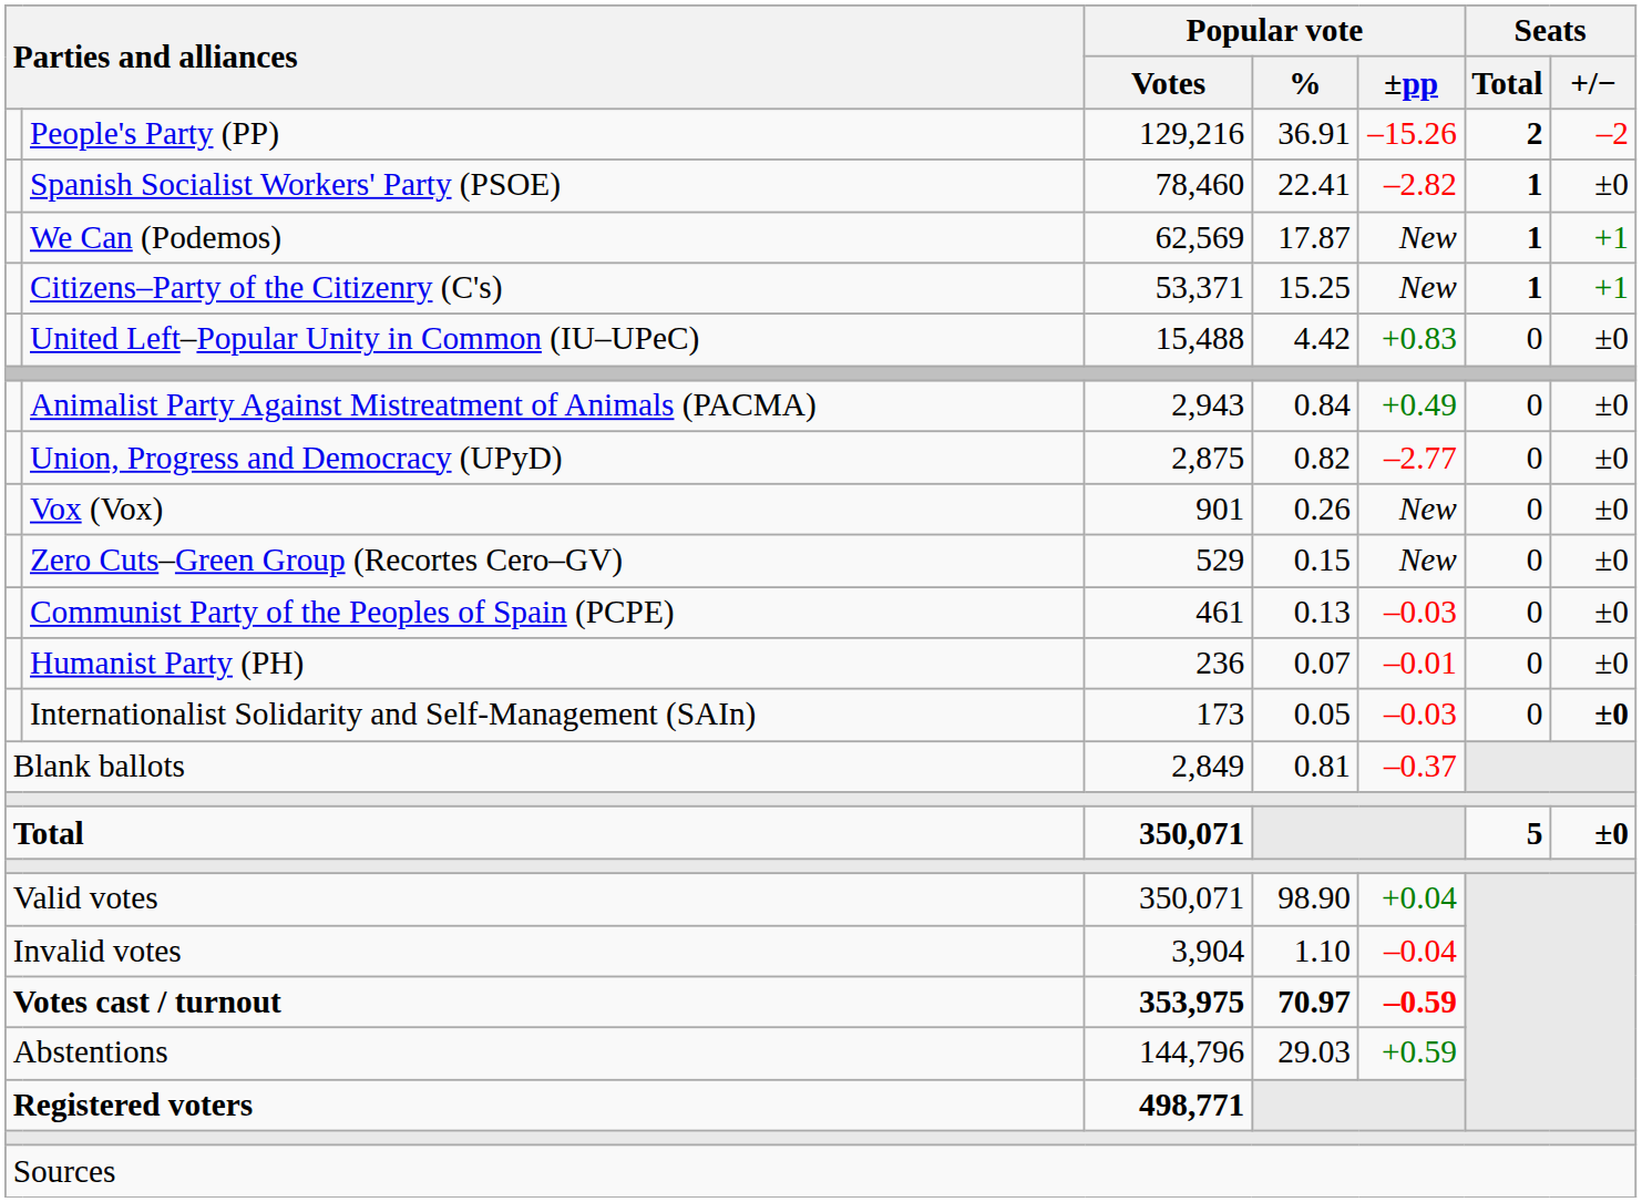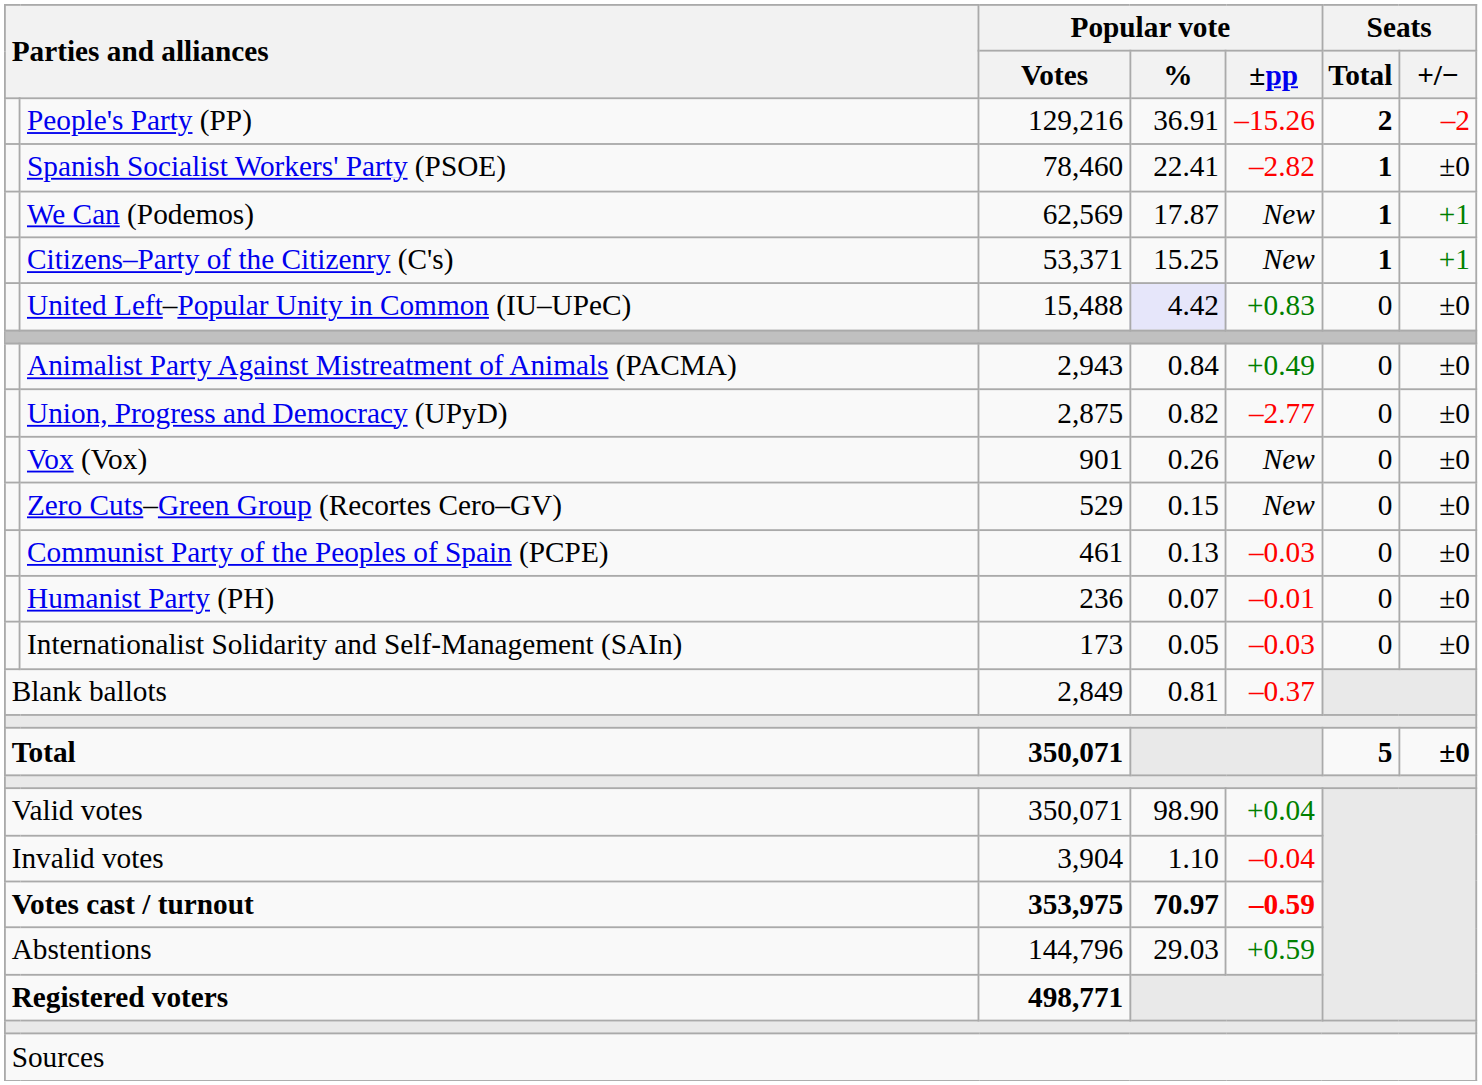 <table class="wikitable" style="text-align:right;">
 <tr>
 <th style="text-align:left;" rowspan="2" colspan="2" width="525">Parties and alliances</th>
 <th colspan="3">Popular vote</th>
 <th colspan="2">Seats</th>
 </tr>
 <tr>
 <th width="75">Votes</th>
 <th width="45">%</th>
 <th width="45">±<a href='#'>pp</a></th>
 <th width="35">Total</th>
 <th width="35">+/−</th>
 </tr>
 <tr>
 <td width="1" style="color:inherit;background:"></td>
 <td align="left"><a href='#'>People's Party</a> (PP)</td>
 <td>129,216</td>
 <td>36.91</td>
 <td style="color:red;">–15.26</td>
 <td><strong>2</strong></td>
 <td style="color:red;">–2</td>
 </tr>
 <tr>
 <td style="color:inherit;background:"></td>
 <td align="left"><a href='#'>Spanish Socialist Workers' Party</a> (PSOE)</td>
 <td>78,460</td>
 <td>22.41</td>
 <td style="color:red;">–2.82</td>
 <td><strong>1</strong></td>
 <td>±0</td>
 </tr>
 <tr>
 <td style="color:inherit;background:"></td>
 <td align="left"><a href='#'>We Can</a> (Podemos)</td>
 <td>62,569</td>
 <td>17.87</td>
 <td><em>New</em></td>
 <td><strong>1</strong></td>
 <td style="color:green;">+1</td>
 </tr>
 <tr>
 <td style="color:inherit;background:"></td>
 <td align="left"><a href='#'>Citizens–Party of the Citizenry</a> (C's)</td>
 <td>53,371</td>
 <td>15.25</td>
 <td><em>New</em></td>
 <td><strong>1</strong></td>
 <td style="color:green;">+1</td>
 </tr>
 <tr>
 <td style="color:inherit;background:"></td>
 <td align="left"><a href='#'>United Left</a>–<a href='#'>Popular Unity in Common</a> (IU–UPeC)</td>
 <td>15,488</td>
-<td>4.42</td>
+<td style="background: lavender;">4.42</td>
 <td style="color:green;">+0.83</td>
 <td>0</td>
 <td>±0</td>
 </tr>
 <tr>
 <td colspan="7" bgcolor="#C0C0C0"></td>
 </tr>
 <tr>
 <td style="color:inherit;background:"></td>
 <td align="left"><a href='#'>Animalist Party Against Mistreatment of Animals</a> (PACMA)</td>
 <td>2,943</td>
 <td>0.84</td>
 <td style="color:green;">+0.49</td>
 <td>0</td>
 <td>±0</td>
 </tr>
 <tr>
 <td style="color:inherit;background:"></td>
 <td align="left"><a href='#'>Union, Progress and Democracy</a> (UPyD)</td>
 <td>2,875</td>
 <td>0.82</td>
 <td style="color:red;">–2.77</td>
 <td>0</td>
 <td>±0</td>
 </tr>
 <tr>
 <td style="color:inherit;background:"></td>
 <td align="left"><a href='#'>Vox</a> (Vox)</td>
 <td>901</td>
 <td>0.26</td>
 <td><em>New</em></td>
 <td>0</td>
 <td>±0</td>
 </tr>
 <tr>
 <td style="color:inherit;background:"></td>
 <td align="left"><a href='#'>Zero Cuts</a>–<a href='#'>Green Group</a> (Recortes Cero–GV)</td>
 <td>529</td>
 <td>0.15</td>
 <td><em>New</em></td>
 <td>0</td>
 <td>±0</td>
 </tr>
 <tr>
 <td style="color:inherit;background:"></td>
 <td align="left"><a href='#'>Communist Party of the Peoples of Spain</a> (PCPE)</td>
 <td>461</td>
 <td>0.13</td>
 <td style="color:red;">–0.03</td>
 <td>0</td>
 <td>±0</td>
 </tr>
 <tr>
 <td style="color:inherit;background:"></td>
 <td align="left"><a href='#'>Humanist Party</a> (PH)</td>
 <td>236</td>
 <td>0.07</td>
 <td style="color:red;">–0.01</td>
 <td>0</td>
 <td>±0</td>
 </tr>
 <tr>
 <td style="color:inherit;background:"></td>
 <td align="left">Internationalist Solidarity and Self-Management (SAIn)</td>
 <td>173</td>
 <td>0.05</td>
 <td style="color:red;">–0.03</td>
 <td>0</td>
-<td><strong>±0</strong></td>
+<td>±0</td>
 </tr>
 <tr>
 <td align="left" colspan="2">Blank ballots</td>
 <td>2,849</td>
 <td>0.81</td>
 <td style="color:red;">–0.37</td>
 <td bgcolor="#E9E9E9" colspan="2"></td>
 </tr>
 <tr>
 <td colspan="7" bgcolor="#E9E9E9"></td>
 </tr>
 <tr style="font-weight:bold;">
 <td align="left" colspan="2">Total</td>
 <td>350,071</td>
 <td bgcolor="#E9E9E9" colspan="2"></td>
 <td>5</td>
 <td>±0</td>
 </tr>
 <tr>
 <td colspan="7" bgcolor="#E9E9E9"></td>
 </tr>
 <tr>
 <td align="left" colspan="2">Valid votes</td>
 <td>350,071</td>
 <td>98.90</td>
 <td style="color:green;">+0.04</td>
 <td bgcolor="#E9E9E9" colspan="2" rowspan="5"></td>
 </tr>
 <tr>
 <td align="left" colspan="2">Invalid votes</td>
 <td>3,904</td>
 <td>1.10</td>
 <td style="color:red;">–0.04</td>
 </tr>
 <tr style="font-weight:bold;">
 <td align="left" colspan="2">Votes cast / turnout</td>
 <td>353,975</td>
 <td>70.97</td>
 <td style="color:red;">–0.59</td>
 </tr>
 <tr>
 <td align="left" colspan="2">Abstentions</td>
 <td>144,796</td>
 <td>29.03</td>
 <td style="color:green;">+0.59</td>
 </tr>
 <tr style="font-weight:bold;">
 <td align="left" colspan="2">Registered voters</td>
 <td>498,771</td>
 <td bgcolor="#E9E9E9" colspan="2"></td>
 </tr>
 <tr>
 <td colspan="7" bgcolor="#E9E9E9"></td>
 </tr>
 <tr>
 <td align="left" colspan="7">Sources</td>
 </tr>
 </table>
